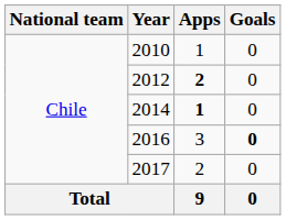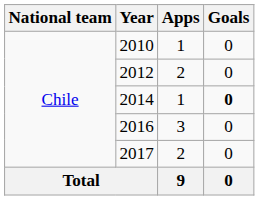 <table class=wikitable style=text-align:center>
 <tr>
 <th>National team</th>
 <th>Year</th>
 <th>Apps</th>
 <th>Goals</th>
 </tr>
 <tr>
 <td rowspan="5"><a href='#'>Chile</a></td>
 <td>2010</td>
 <td>1</td>
 <td>0</td>
 </tr>
 <tr>
 <td>2012</td>
-<td><strong>2</strong></td>
+<td>2</td>
 <td>0</td>
 </tr>
 <tr>
 <td>2014</td>
-<td><strong>1</strong></td>
-<td>0</td>
+<td>1</td>
+<td><strong>0</strong></td>
 </tr>
 <tr>
 <td>2016</td>
 <td>3</td>
-<td><strong>0</strong></td>
+<td>0</td>
 </tr>
 <tr>
 <td>2017</td>
 <td>2</td>
 <td>0</td>
 </tr>
 <tr>
 <th colspan="2">Total</th>
 <th>9</th>
 <th>0</th>
 </tr>
 </table>
